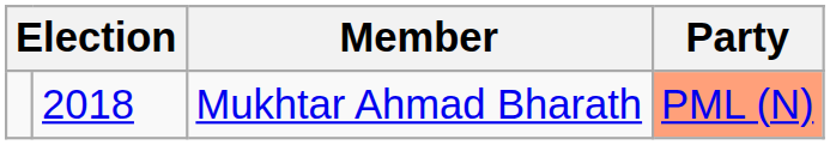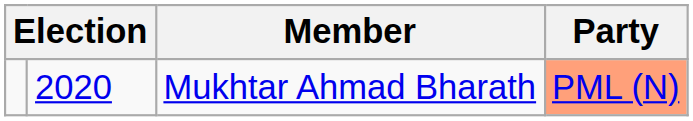 <table class="wikitable">
 <tr>
 <th colspan="2">Election</th>
 <th>Member</th>
 <th>Party</th>
 </tr>
 <tr>
 <td style="background-color: "></td>
-<td><a href='#'>2018</a></td>
+<td><a href='#'>2020</a></td>
 <td><a href='#'>Mukhtar Ahmad Bharath</a></td>
 <td style="background: lightsalmon;"><a href='#'>PML (N)</a></td>
 </tr>
 </table>
